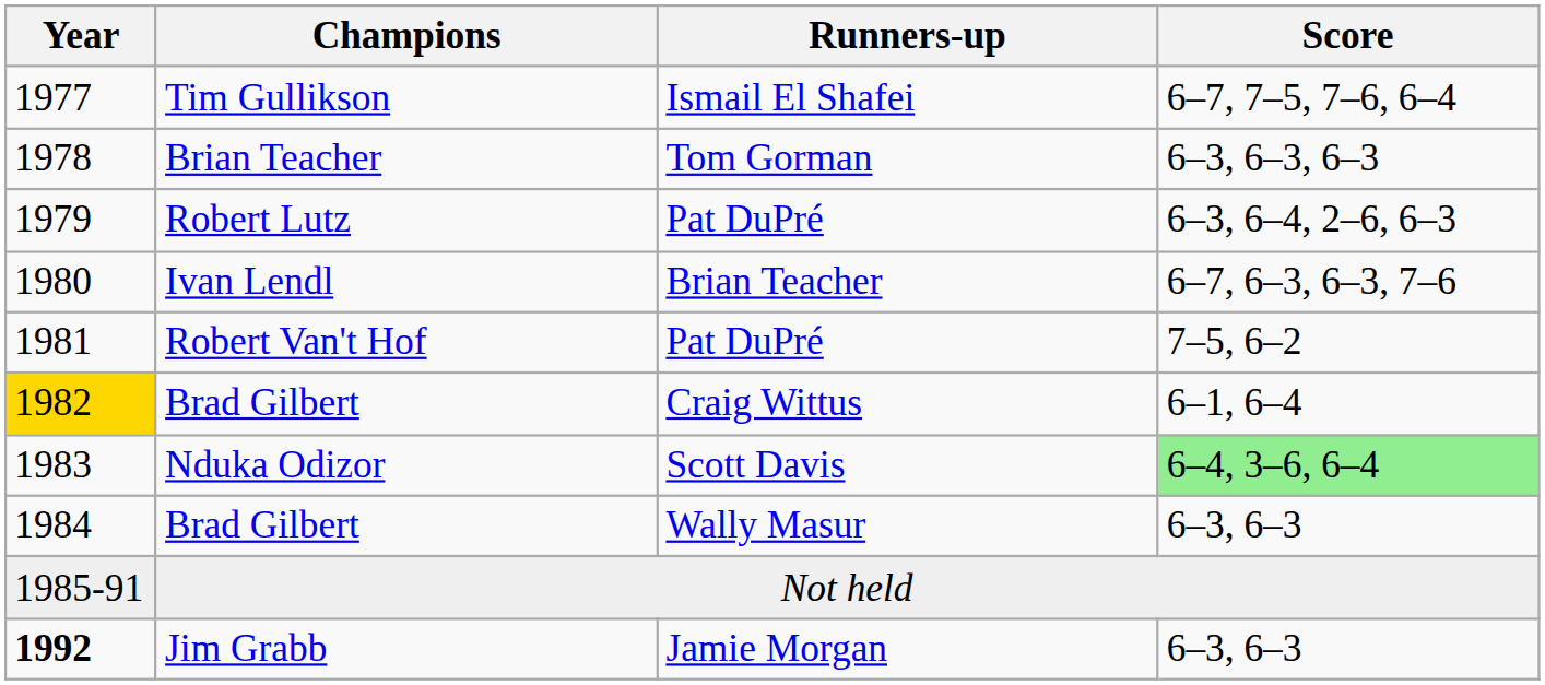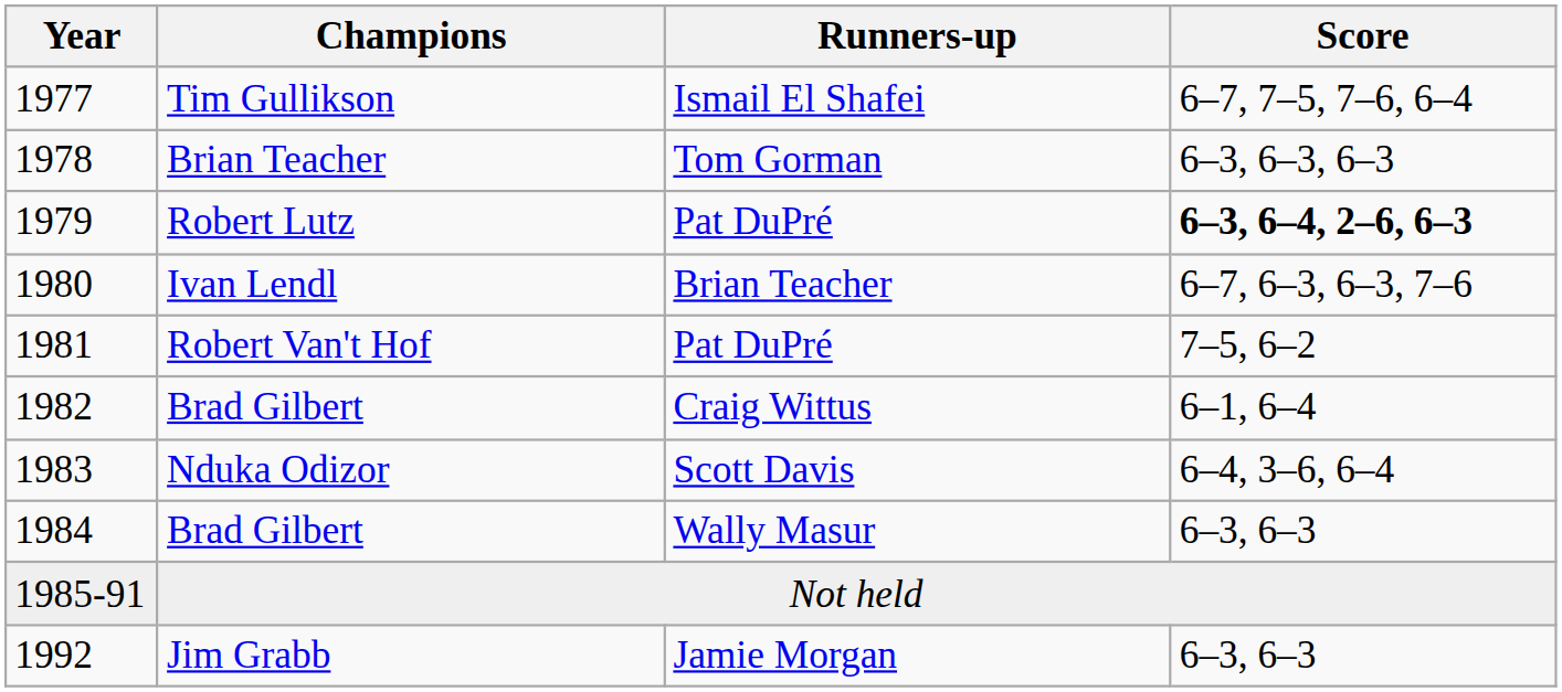 <table class="wikitable">
 <tr>
 <th style="width:55px">Year</th>
 <th style="width:200px">Champions</th>
 <th style="width:200px">Runners-up</th>
 <th style="width:150px" class="unsortable">Score</th>
 </tr>
 <tr>
 <td>1977</td>
 <td> <a href='#'>Tim Gullikson</a></td>
 <td> <a href='#'>Ismail El Shafei</a></td>
 <td>6–7, 7–5, 7–6, 6–4</td>
 </tr>
 <tr>
 <td>1978</td>
 <td> <a href='#'>Brian Teacher</a></td>
 <td> <a href='#'>Tom Gorman</a></td>
 <td>6–3, 6–3, 6–3</td>
 </tr>
 <tr>
 <td>1979</td>
 <td> <a href='#'>Robert Lutz</a></td>
 <td> <a href='#'>Pat DuPré</a></td>
-<td>6–3, 6–4, 2–6, 6–3</td>
+<td><strong>6–3, 6–4, 2–6, 6–3</strong></td>
 </tr>
 <tr>
 <td>1980</td>
 <td> <a href='#'>Ivan Lendl</a></td>
 <td> <a href='#'>Brian Teacher</a></td>
 <td>6–7, 6–3, 6–3, 7–6</td>
 </tr>
 <tr>
 <td>1981</td>
 <td> <a href='#'>Robert Van't Hof</a></td>
 <td> <a href='#'>Pat DuPré</a></td>
 <td>7–5, 6–2</td>
 </tr>
 <tr>
-<td style="background: gold;">1982</td>
+<td>1982</td>
 <td> <a href='#'>Brad Gilbert</a></td>
 <td> <a href='#'>Craig Wittus</a></td>
 <td>6–1, 6–4</td>
 </tr>
 <tr>
 <td>1983</td>
 <td> <a href='#'>Nduka Odizor</a></td>
 <td> <a href='#'>Scott Davis</a></td>
-<td style="background: lightgreen;">6–4, 3–6, 6–4</td>
+<td>6–4, 3–6, 6–4</td>
 </tr>
 <tr>
 <td>1984</td>
 <td> <a href='#'>Brad Gilbert</a></td>
 <td> <a href='#'>Wally Masur</a></td>
 <td>6–3, 6–3</td>
 </tr>
 <tr>
 <td style="background:#efefef">1985-91</td>
 <td colspan=3 align=center style="background:#efefef"><em>Not held</em></td>
 </tr>
 <tr>
-<td><strong>1992</strong></td>
+<td>1992</td>
 <td> <a href='#'>Jim Grabb</a></td>
 <td> <a href='#'>Jamie Morgan</a></td>
 <td>6–3, 6–3</td>
 </tr>
 </table>
